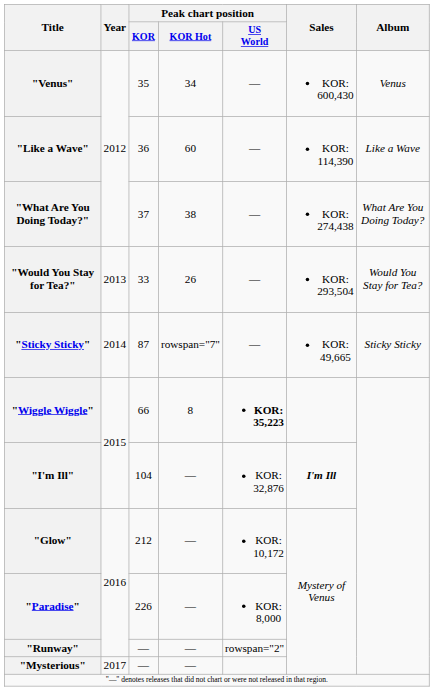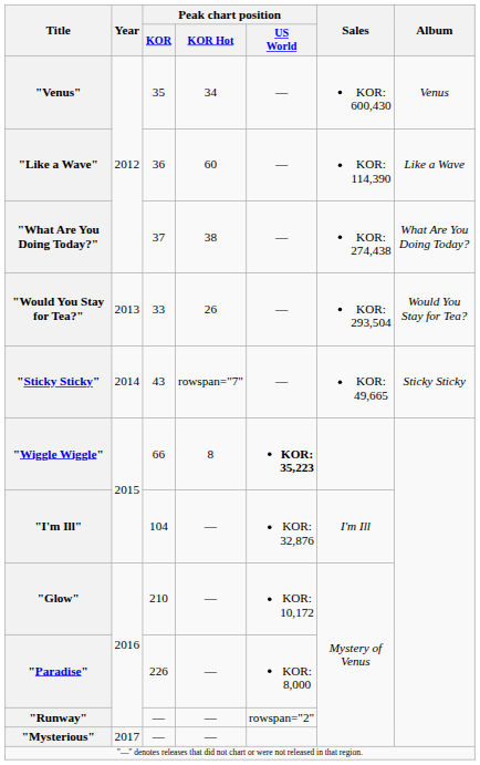 <table class="wikitable plainrowheaders" style="text-align:center;">
 <tr>
 <th scope="col" rowspan="2" style="width:14em;">Title</th>
 <th scope="col" rowspan="2">Year</th>
 <th scope="col" colspan="3">Peak chart position</th>
 <th rowspan="2">Sales</th>
 <th scope="col" rowspan="2" style="width:14em;">Album</th>
 </tr>
 <tr>
 <th scope="col" style="width:3em;font-size:90%;"><a href='#'>KOR</a><br></th>
 <th scope="col" style="width:3em;font-size:90%;"><a href='#'>KOR Hot</a><br></th>
 <th scope="col" style="width:3em;font-size:90%;"><a href='#'>US<br>World</a><br></th>
 </tr>
 <tr>
 <th scope="row">"Venus"</th>
 <td rowspan="3">2012</td>
 <td>35</td>
 <td>34</td>
 <td>—</td>
 <td><br><ul><li>KOR: 600,430</li></ul></td>
 <td><em>Venus</em></td>
 </tr>
 <tr>
 <th scope="row">"Like a Wave"</th>
 <td>36</td>
 <td>60</td>
 <td>—</td>
 <td><br><ul><li>KOR: 114,390</li></ul></td>
 <td><em>Like a Wave</em></td>
 </tr>
 <tr>
 <th scope="row">"What Are You Doing Today?"</th>
 <td>37</td>
 <td>38</td>
 <td>—</td>
 <td><br><ul><li>KOR: 274,438</li></ul></td>
 <td><em>What Are You Doing Today?</em></td>
 </tr>
 <tr>
 <th scope="row">"Would You Stay for Tea?"</th>
 <td>2013</td>
 <td>33</td>
 <td>26</td>
 <td>—</td>
 <td><br><ul><li>KOR: 293,504</li></ul></td>
 <td><em>Would You Stay for Tea?</em></td>
 </tr>
 <tr>
 <th scope="row">"<a href='#'>Sticky Sticky</a>"</th>
 <td>2014</td>
-<td>87</td>
+<td>43</td>
 <td>rowspan="7" </td>
 <td>—</td>
 <td><br><ul><li>KOR: 49,665</li></ul></td>
 <td><em>Sticky Sticky</em></td>
 </tr>
 <tr>
 <th scope="row">"<a href='#'>Wiggle Wiggle</a>"</th>
 <td rowspan="2">2015</td>
 <td>66</td>
 <td>8</td>
 <td><strong><br><ul><li>KOR: 35,223</li></ul></strong></td>
 <td></td>
 </tr>
 <tr>
 <th scope="row">"I'm Ill"</th>
 <td>104</td>
 <td>—</td>
 <td><br><ul><li>KOR: 32,876</li></ul></td>
-<td><strong><em>I'm Ill</em></strong></td>
+<td><em>I'm Ill</em></td>
 </tr>
 <tr>
 <th scope="row">"Glow"</th>
 <td rowspan="3">2016</td>
-<td>212</td>
+<td>210</td>
 <td>—</td>
 <td><br><ul><li>KOR: 10,172</li></ul></td>
 <td rowspan="4"><em>Mystery of Venus</em></td>
 </tr>
 <tr>
 <th scope="row">"<a href='#'>Paradise</a>"</th>
 <td>226</td>
 <td>—</td>
 <td><br><ul><li>KOR: 8,000</li></ul></td>
 </tr>
 <tr>
 <th scope="row">"Runway"</th>
 <td>—</td>
 <td>—</td>
 <td>rowspan="2" </td>
 </tr>
 <tr>
 <th scope="row">"Mysterious"</th>
 <td>2017</td>
 <td>—</td>
 <td>—</td>
 </tr>
 <tr>
 <td colspan="8" style="font-size:8pt;">"—" denotes releases that did not chart or were not released in that region.</td>
 </tr>
 </table>
